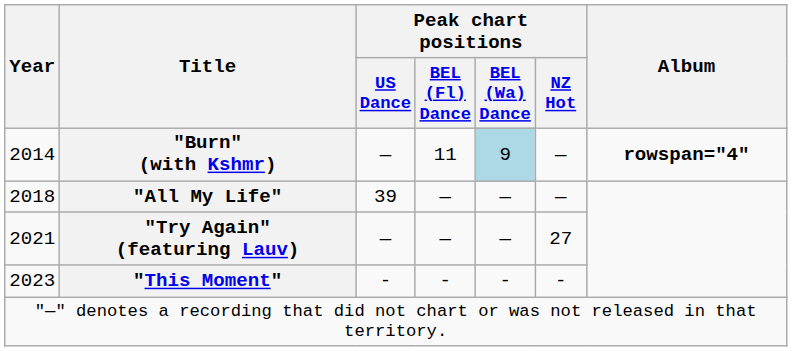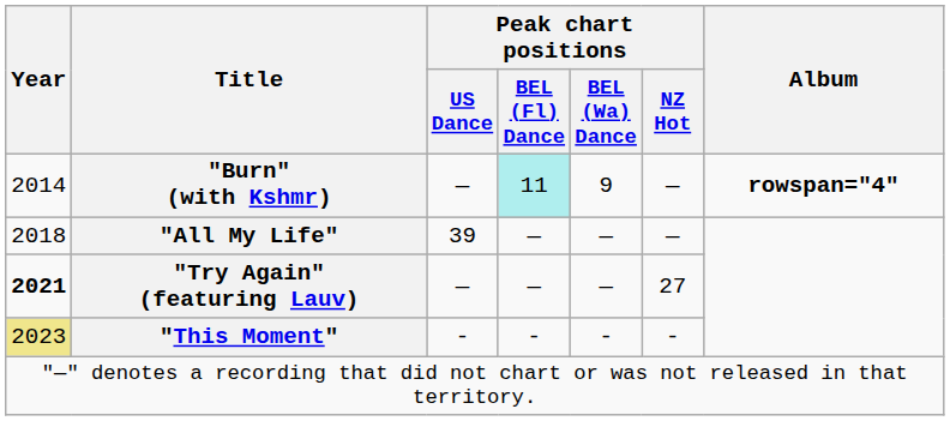 <table class="wikitable plainrowheaders" style="text-align:center;">
 <tr>
 <th scope="col" rowspan="2" style="width:1em;">Year</th>
 <th scope="col" rowspan="2" style="width:15em;">Title</th>
 <th scope="col" colspan="4">Peak chart positions</th>
 <th scope="col" rowspan="2" style="width:10em;">Album</th>
 </tr>
 <tr>
 <th scope="col" style="width:2.5em;font-size:90%;"><a href='#'>US Dance</a><br></th>
 <th scope="col" style="width:2.5em;font-size:90%;"><a href='#'>BEL (Fl)<br>Dance</a><br></th>
 <th scope="col" style="width:2.5em;font-size:90%;"><a href='#'>BEL (Wa)<br>Dance</a><br></th>
 <th scope="col" style="width:2.5em;font-size:90%;"><a href='#'>NZ<br>Hot</a><br></th>
 </tr>
 <tr>
 <td>2014</td>
 <th scope="row">"Burn" <br><span>(with <a href='#'>Kshmr</a>)</span></th>
 <td>—</td>
-<td>11</td>
-<td style="background: lightblue;">9</td>
+<td style="background: paleturquoise;">11</td>
+<td>9</td>
 <td>—</td>
 <td><strong>rowspan="4" </strong></td>
 </tr>
 <tr>
 <td>2018</td>
 <th scope="row">"All My Life"</th>
 <td>39</td>
 <td>—</td>
 <td>—</td>
 <td>—</td>
 </tr>
 <tr>
-<td>2021</td>
+<td><strong>2021</strong></td>
 <th scope="row">"Try Again"<br><span>(featuring <a href='#'>Lauv</a>)</span></th>
 <td>—</td>
 <td>—</td>
 <td>—</td>
 <td>27</td>
 </tr>
 <tr>
-<td>2023</td>
+<td style="background: khaki;">2023</td>
 <th scope="row">"<a href='#'>This Moment</a>"</th>
 <td>-</td>
 <td>-</td>
 <td>-</td>
 <td>-</td>
 </tr>
 <tr>
 <td colspan="7" style="font-size:90%">"—" denotes a recording that did not chart or was not released in that territory.</td>
 </tr>
 </table>
